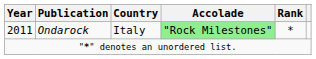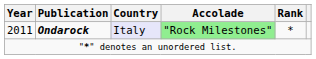 <table class="wikitable sortable" style="margin:0em 1em 1em 0pt">
 <tr>
 <th>Year</th>
 <th>Publication</th>
 <th>Country</th>
 <th>Accolade</th>
 <th>Rank</th>
 <th class=unsortable></th>
 </tr>
 <tr>
 <td align=center>2011</td>
-<td><em>Ondarock</em></td>
-<td>Italy</td>
+<td><strong><em>Ondarock</em></strong></td>
+<td style="background: lavender;">Italy</td>
 <td style="background: lightgreen;">"Rock Milestones"</td>
 <td align=center>*</td>
 <td></td>
 </tr>
 <tr class="sortbottom">
 <td colspan=6 style=font-size:8pt; align=center>"<strong>*</strong>" denotes an unordered list.</td>
 </tr>
 </table>
